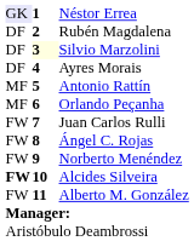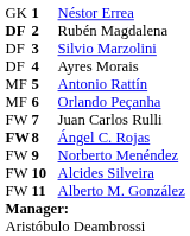 <table style="font-size:90%; margin:0.2em auto;" cellspacing="0" cellpadding="0">
 <tr>
 <th width="25"></th>
 <th width="25"></th>
 </tr>
 <tr>
-<td style="background: lavender;">GK</td>
+<td>GK</td>
 <td><strong>1</strong></td>
 <td> <a href='#'>Néstor Errea</a></td>
 </tr>
 <tr>
-<td>DF</td>
+<td><strong>DF</strong></td>
 <td><strong>2</strong></td>
 <td> Rubén Magdalena</td>
 </tr>
 <tr>
 <td>DF</td>
-<td style="background: lightyellow;"><strong>3</strong></td>
+<td><strong>3</strong></td>
 <td> <a href='#'>Silvio Marzolini</a></td>
 </tr>
 <tr>
 <td>DF</td>
 <td><strong>4</strong></td>
 <td> Ayres Morais</td>
 </tr>
 <tr>
 <td>MF</td>
 <td><strong>5</strong></td>
 <td> <a href='#'>Antonio Rattín</a></td>
 </tr>
 <tr>
 <td>MF</td>
 <td><strong>6</strong></td>
 <td> <a href='#'>Orlando Peçanha</a></td>
 </tr>
 <tr>
 <td>FW</td>
 <td><strong>7</strong></td>
 <td> Juan Carlos Rulli</td>
 </tr>
 <tr>
-<td>FW</td>
+<td><strong>FW</strong></td>
 <td><strong>8</strong></td>
 <td> <a href='#'>Ángel C. Rojas</a></td>
 </tr>
 <tr>
 <td>FW</td>
 <td><strong>9</strong></td>
 <td> <a href='#'>Norberto Menéndez</a></td>
 </tr>
 <tr>
-<td><strong>FW</strong></td>
+<td>FW</td>
 <td><strong>10</strong></td>
 <td> <a href='#'>Alcides Silveira</a></td>
 </tr>
 <tr>
 <td>FW</td>
 <td><strong>11</strong></td>
 <td> <a href='#'>Alberto M. González</a></td>
 </tr>
 <tr>
 <td colspan=3><strong>Manager:</strong></td>
 </tr>
 <tr>
 <td colspan=4> Aristóbulo Deambrossi</td>
 </tr>
 </table>
